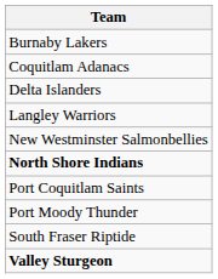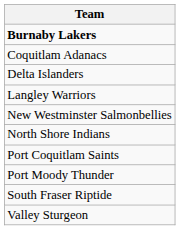 <table class="wikitable">
 <tr>
 <th>Team</th>
 </tr>
 <tr>
-<td>Burnaby Lakers</td>
+<td><strong>Burnaby Lakers</strong></td>
 </tr>
 <tr>
 <td>Coquitlam Adanacs</td>
 </tr>
 <tr>
 <td>Delta Islanders</td>
 </tr>
 <tr>
 <td>Langley Warriors</td>
 </tr>
 <tr>
 <td>New Westminster Salmonbellies</td>
 </tr>
 <tr>
-<td><strong>North Shore Indians</strong></td>
+<td>North Shore Indians</td>
 </tr>
 <tr>
 <td>Port Coquitlam Saints</td>
 </tr>
 <tr>
 <td>Port Moody Thunder</td>
 </tr>
 <tr>
 <td>South Fraser Riptide</td>
 </tr>
 <tr>
-<td><strong>Valley Sturgeon</strong></td>
+<td>Valley Sturgeon</td>
 </tr>
 </table>
